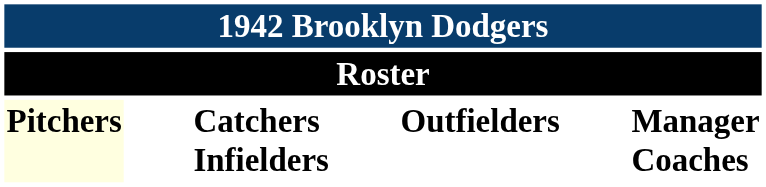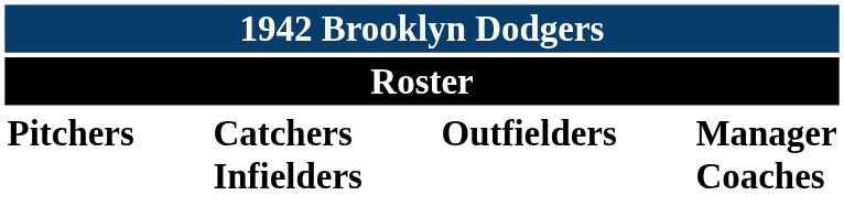 <table class="toccolours" style="font-size: 95%;">
 <tr>
 <th colspan="10" style="background-color: #083c6b; color: white; text-align: center;">1942 Brooklyn Dodgers</th>
 </tr>
 <tr>
 <td colspan="10" style="background-color: black; color: white; text-align: center;"><strong>Roster</strong></td>
 </tr>
 <tr>
-<td valign="top" style="background: lightyellow;"><strong>Pitchers</strong><br>              </td>
+<td valign="top"><strong>Pitchers</strong><br>              </td>
 <td width="25px"></td>
 <td valign="top"><strong>Catchers</strong><br>   <strong>Infielders</strong>        </td>
 <td width="25px"></td>
 <td valign="top"><strong>Outfielders</strong><br>     </td>
 <td width="25px"></td>
 <td valign="top"><strong>Manager</strong><br> <strong>Coaches</strong>   </td>
 </tr>
 </table>
